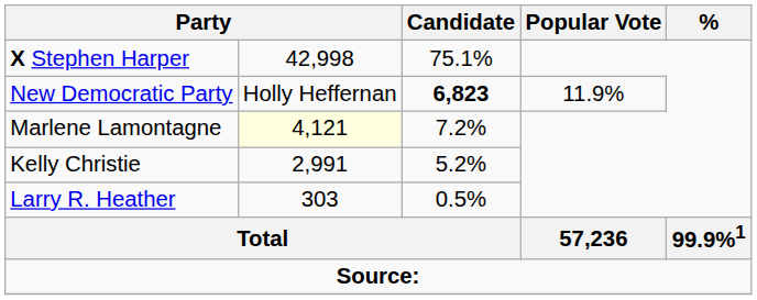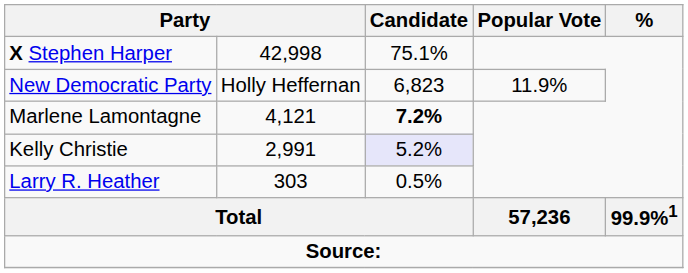 <table class="wikitable">
 <tr>
 <th colspan="2">Party</th>
 <th>Candidate</th>
 <th>Popular Vote</th>
 <th>%</th>
 </tr>
 <tr>
 <td> <strong>X</strong> <a href='#'>Stephen Harper</a></td>
 <td align=center>42,998</td>
 <td align=center>75.1%</td>
 </tr>
 <tr>
 <td><a href='#'>New Democratic Party</a></td>
 <td>Holly Heffernan</td>
-<td align=center><strong>6,823</strong></td>
+<td align=center>6,823</td>
 <td align=center>11.9%</td>
 </tr>
 <tr>
 <td>Marlene Lamontagne</td>
-<td align=center style="background: lightyellow;">4,121</td>
-<td align=center>7.2%</td>
+<td align=center>4,121</td>
+<td align=center><strong>7.2%</strong></td>
 </tr>
 <tr>
 <td>Kelly Christie</td>
 <td align=center>2,991</td>
-<td align=center>5.2%</td>
+<td align=center style="background: lavender;">5.2%</td>
 </tr>
 <tr>
 <td><a href='#'>Larry R. Heather</a></td>
 <td align=center>303</td>
 <td align=center>0.5%</td>
 </tr>
 <tr>
 <th colspan=3>Total</th>
 <th>57,236</th>
 <th>99.9%<sup>1</sup></th>
 </tr>
 <tr>
 <td align="center" colspan=5><strong>Source:</strong> </td>
 </tr>
 <tr>
 </tr>
 </table>
